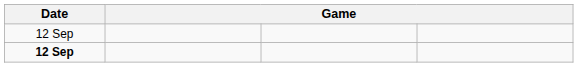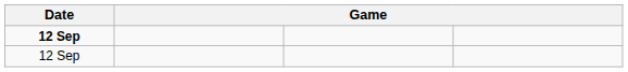 <table width=730 class="wikitable">
 <tr>
 <th width=15%>Date</th>
 <th width=70% colspan=3>Game</th>
+</tr>
+<tr style=font-size:95%>
+<td align=center><strong>12 Sep</strong></td>
+<td align=center><strong></strong></td>
+<td></td>
+<td></td>
 </tr>
 <tr style=font-size:95%>
 <td align=center>12 Sep</td>
 <td align=center><strong></strong></td>
 <td></td>
 <td></td>
 </tr>
-<tr style=font-size:95%>
-<td align=center><strong>12 Sep</strong></td>
-<td align=center><strong></strong></td>
-<td></td>
-<td></td>
-</tr>
 </table>
